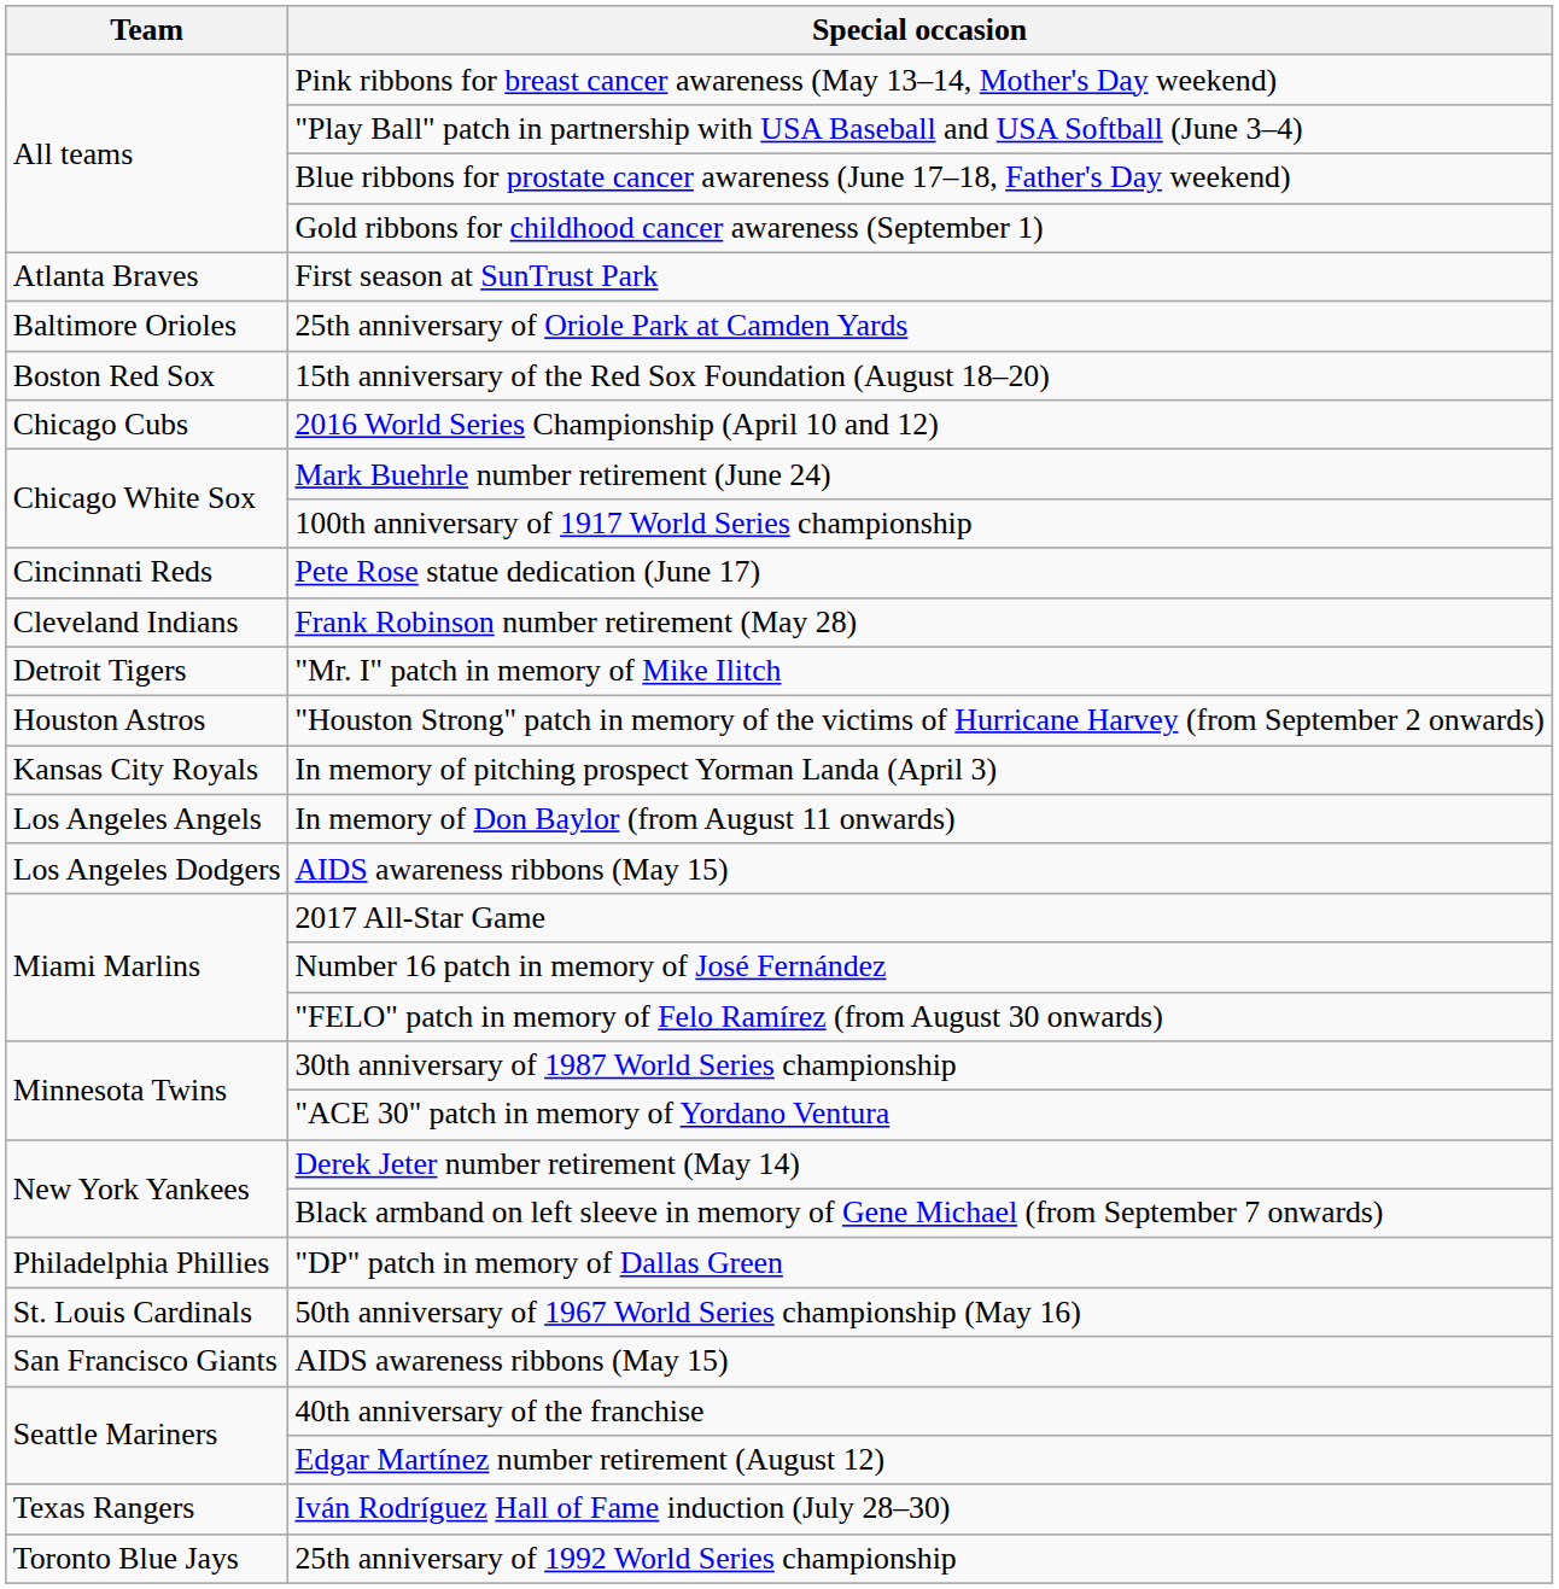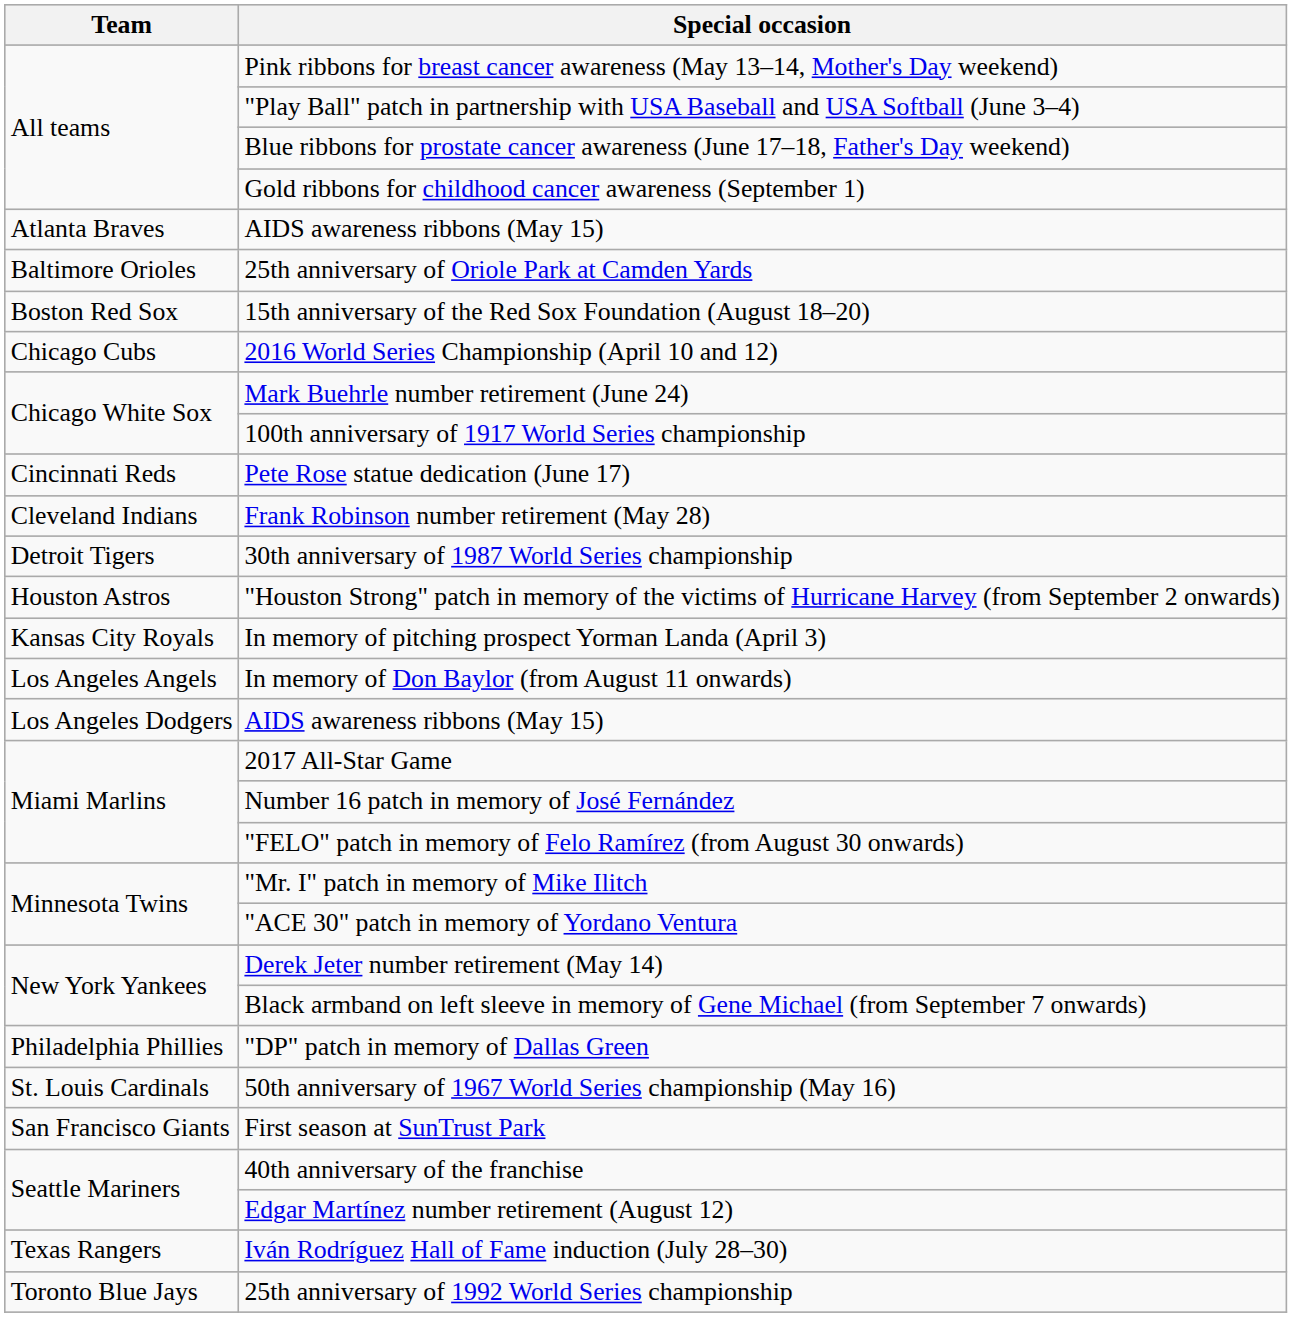 <table class="wikitable">
 <tr>
 <th>Team</th>
 <th>Special occasion</th>
 </tr>
 <tr>
 <td rowspan=4>All teams</td>
 <td>Pink ribbons for <a href='#'>breast cancer</a> awareness (May 13–14, <a href='#'>Mother's Day</a> weekend)</td>
 </tr>
 <tr>
 <td>"Play Ball" patch in partnership with <a href='#'>USA Baseball</a> and <a href='#'>USA Softball</a> (June 3–4)</td>
 </tr>
 <tr>
 <td>Blue ribbons for <a href='#'>prostate cancer</a> awareness (June 17–18, <a href='#'>Father's Day</a> weekend)</td>
 </tr>
 <tr>
 <td>Gold ribbons for <a href='#'>childhood cancer</a> awareness (September 1)</td>
 </tr>
 <tr>
 <td>Atlanta Braves</td>
-<td>First season at <a href='#'>SunTrust Park</a></td>
+<td>AIDS awareness ribbons (May 15)</td>
 </tr>
 <tr>
 <td>Baltimore Orioles</td>
 <td>25th anniversary of <a href='#'>Oriole Park at Camden Yards</a></td>
 </tr>
 <tr>
 <td>Boston Red Sox</td>
 <td>15th anniversary of the Red Sox Foundation (August 18–20)</td>
 </tr>
 <tr>
 <td>Chicago Cubs</td>
 <td><a href='#'>2016 World Series</a> Championship (April 10 and 12)</td>
 </tr>
 <tr>
 <td rowspan=2>Chicago White Sox</td>
 <td><a href='#'>Mark Buehrle</a> number retirement (June 24)</td>
 </tr>
 <tr>
 <td>100th anniversary of <a href='#'>1917 World Series</a> championship</td>
 </tr>
 <tr>
 <td>Cincinnati Reds</td>
 <td><a href='#'>Pete Rose</a> statue dedication (June 17)</td>
 </tr>
 <tr>
 <td>Cleveland Indians</td>
 <td><a href='#'>Frank Robinson</a> number retirement (May 28)</td>
 </tr>
 <tr>
 <td>Detroit Tigers</td>
-<td>"Mr. I" patch in memory of <a href='#'>Mike Ilitch</a></td>
+<td>30th anniversary of <a href='#'>1987 World Series</a> championship</td>
 </tr>
 <tr>
 <td>Houston Astros</td>
 <td>"Houston Strong" patch in memory of the victims of <a href='#'>Hurricane Harvey</a> (from September 2 onwards)</td>
 </tr>
 <tr>
 <td>Kansas City Royals</td>
 <td>In memory of pitching prospect Yorman Landa (April 3)</td>
 </tr>
 <tr>
 <td>Los Angeles Angels</td>
 <td>In memory of <a href='#'>Don Baylor</a> (from August 11 onwards)</td>
 </tr>
 <tr>
 <td>Los Angeles Dodgers</td>
 <td><a href='#'>AIDS</a> awareness ribbons (May 15)</td>
 </tr>
 <tr>
 <td rowspan=3>Miami Marlins</td>
 <td>2017 All-Star Game</td>
 </tr>
 <tr>
 <td>Number 16 patch in memory of <a href='#'>José Fernández</a></td>
 </tr>
 <tr>
 <td>"FELO" patch in memory of <a href='#'>Felo Ramírez</a> (from August 30 onwards)</td>
 </tr>
 <tr>
 <td rowspan=2>Minnesota Twins</td>
-<td>30th anniversary of <a href='#'>1987 World Series</a> championship</td>
+<td>"Mr. I" patch in memory of <a href='#'>Mike Ilitch</a></td>
 </tr>
 <tr>
 <td>"ACE 30" patch in memory of <a href='#'>Yordano Ventura</a></td>
 </tr>
 <tr>
 <td rowspan=2>New York Yankees</td>
 <td><a href='#'>Derek Jeter</a> number retirement (May 14)</td>
 </tr>
 <tr>
 <td>Black armband on left sleeve in memory of <a href='#'>Gene Michael</a> (from September 7 onwards)</td>
 </tr>
 <tr>
 <td>Philadelphia Phillies</td>
 <td>"DP" patch in memory of <a href='#'>Dallas Green</a></td>
 </tr>
 <tr>
 <td>St. Louis Cardinals</td>
 <td>50th anniversary of <a href='#'>1967 World Series</a> championship (May 16)</td>
 </tr>
 <tr>
 <td>San Francisco Giants</td>
-<td>AIDS awareness ribbons (May 15)</td>
+<td>First season at <a href='#'>SunTrust Park</a></td>
 </tr>
 <tr>
 <td rowspan=2>Seattle Mariners</td>
 <td>40th anniversary of the franchise</td>
 </tr>
 <tr>
 <td><a href='#'>Edgar Martínez</a> number retirement (August 12)</td>
 </tr>
 <tr>
 <td>Texas Rangers</td>
 <td><a href='#'>Iván Rodríguez</a> <a href='#'>Hall of Fame</a> induction (July 28–30)</td>
 </tr>
 <tr>
 <td>Toronto Blue Jays</td>
 <td>25th anniversary of <a href='#'>1992 World Series</a> championship</td>
 </tr>
 </table>
